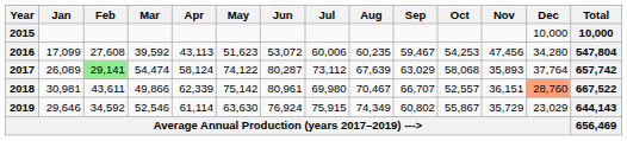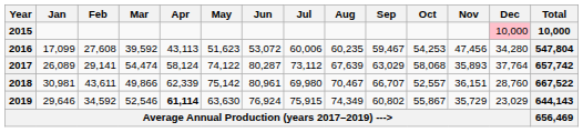 <table class=wikitable style="text-align:right; font-size:0.8em; width:700px;">
 <tr>
 <th>Year</th>
 <th>Jan</th>
 <th>Feb</th>
 <th>Mar</th>
 <th>Apr</th>
 <th>May</th>
 <th>Jun</th>
 <th>Jul</th>
 <th>Aug</th>
 <th>Sep</th>
 <th>Oct</th>
 <th>Nov</th>
 <th>Dec</th>
 <th>Total</th>
 </tr>
 <tr>
 <th>2015</th>
 <td></td>
 <td></td>
 <td></td>
 <td></td>
 <td></td>
 <td></td>
 <td></td>
 <td></td>
 <td></td>
 <td></td>
 <td></td>
-<td>10,000</td>
+<td style="background: pink;">10,000</td>
 <th>10,000</th>
 </tr>
 <tr>
 <th>2016</th>
 <td>17,099</td>
 <td>27,608</td>
 <td>39,592</td>
 <td>43,113</td>
 <td>51,623</td>
 <td>53,072</td>
 <td>60,006</td>
 <td>60,235</td>
 <td>59,467</td>
 <td>54,253</td>
 <td>47,456</td>
 <td>34,280</td>
 <th>547,804</th>
 </tr>
 <tr>
 <th>2017</th>
 <td>26,089</td>
-<td style="background: lightgreen;">29,141</td>
+<td>29,141</td>
 <td>54,474</td>
 <td>58,124</td>
 <td>74,122</td>
 <td>80,287</td>
 <td>73,112</td>
 <td>67,639</td>
 <td>63,029</td>
 <td>58,068</td>
 <td>35,893</td>
 <td>37,764</td>
 <th>657,742</th>
 </tr>
 <tr>
 <th>2018</th>
 <td>30,981</td>
 <td>43,611</td>
 <td>49,866</td>
 <td>62,339</td>
 <td>75,142</td>
 <td>80,961</td>
 <td>69,980</td>
 <td>70,467</td>
 <td>66,707</td>
 <td>52,557</td>
 <td>36,151</td>
-<td style="background: lightsalmon;">28,760</td>
+<td>28,760</td>
 <th>667,522</th>
 </tr>
 <tr>
 <th>2019</th>
 <td>29,646</td>
 <td>34,592</td>
 <td>52,546</td>
-<td>61,114</td>
+<td><strong>61,114</strong></td>
 <td>63,630</td>
 <td>76,924</td>
 <td>75,915</td>
 <td>74,349</td>
 <td>60,802</td>
 <td>55,867</td>
 <td>35,729</td>
 <td>23,029</td>
 <th>644,143</th>
 </tr>
 <tr>
 <th colspan=13>Average Annual Production (years 2017–2019) ---></th>
 <th>656,469</th>
 </tr>
 </table>
